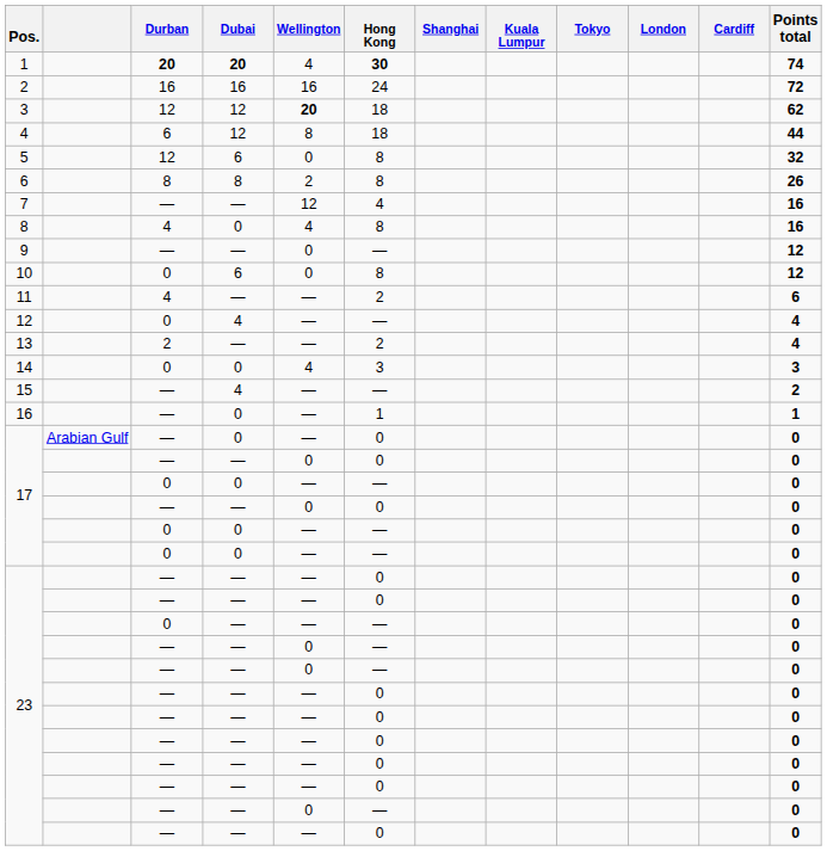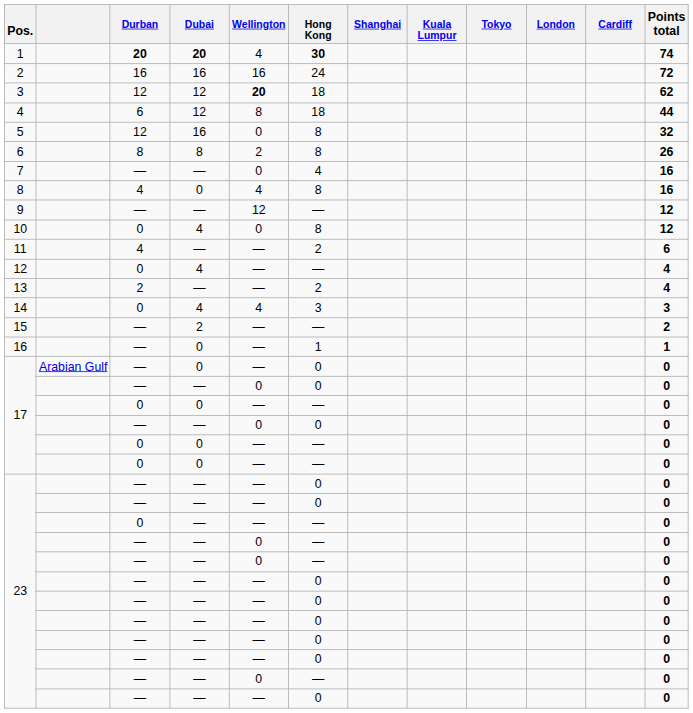 <table class="wikitable" style="text-align:center;">
 <tr>
 <th style="width:2em;"><br>Pos.</th>
 <th></th>
 <th style="width:5.2em; vertical-align:top; font-size:85%;"><br><a href='#'>Durban</a></th>
 <th style="width:5.2em; vertical-align:top; font-size:85%;"><br><a href='#'>Dubai</a></th>
 <th style="width:5.2em; vertical-align:top; font-size:85%;"><br><a href='#'>Wellington</a></th>
 <th style="width:5.2em; vertical-align:top; font-size:85%;"><br>Hong Kong</th>
 <th style="width:5.2em; vertical-align:top; font-size:85%;"><br><a href='#'>Shanghai</a></th>
 <th style="width:5.2em; vertical-align:top; font-size:85%;"><br><a href='#'>Kuala Lumpur</a></th>
 <th style="width:5.2em; vertical-align:top; font-size:85%;"><br><a href='#'>Tokyo</a></th>
 <th style="width:5.2em; vertical-align:top; font-size:85%;"><br><a href='#'>London</a></th>
 <th style="width:5.2em; vertical-align:top; font-size:85%;"><br><a href='#'>Cardiff</a></th>
 <th>Points<br>total</th>
 </tr>
 <tr>
 <td>1</td>
 <td align=left></td>
 <td><strong>20</strong></td>
 <td><strong>20</strong></td>
 <td>4</td>
 <td><strong>30</strong></td>
 <td></td>
 <td></td>
 <td></td>
 <td></td>
 <td></td>
 <td><strong>74</strong></td>
 </tr>
 <tr>
 <td>2</td>
 <td align=left></td>
 <td>16</td>
 <td>16</td>
 <td>16</td>
 <td>24</td>
 <td></td>
 <td></td>
 <td></td>
 <td></td>
 <td></td>
 <td><strong>72</strong></td>
 </tr>
 <tr>
 <td>3</td>
 <td align=left></td>
 <td>12</td>
 <td>12</td>
 <td><strong>20</strong></td>
 <td>18</td>
 <td></td>
 <td></td>
 <td></td>
 <td></td>
 <td></td>
 <td><strong>62</strong></td>
 </tr>
 <tr>
 <td>4</td>
 <td align=left></td>
 <td>6</td>
 <td>12</td>
 <td>8</td>
 <td>18</td>
 <td></td>
 <td></td>
 <td></td>
 <td></td>
 <td></td>
 <td><strong>44</strong></td>
 </tr>
 <tr>
 <td>5</td>
 <td align=left></td>
 <td>12</td>
-<td>6</td>
+<td>16</td>
 <td>0</td>
 <td>8</td>
 <td></td>
 <td></td>
 <td></td>
 <td></td>
 <td></td>
 <td><strong>32</strong></td>
 </tr>
 <tr>
 <td>6</td>
 <td align=left></td>
 <td>8</td>
 <td>8</td>
 <td>2</td>
 <td>8</td>
 <td></td>
 <td></td>
 <td></td>
 <td></td>
 <td></td>
 <td><strong>26</strong></td>
 </tr>
 <tr>
 <td>7</td>
 <td align=left></td>
 <td>—</td>
 <td>—</td>
-<td>12</td>
+<td>0</td>
 <td>4</td>
 <td></td>
 <td></td>
 <td></td>
 <td></td>
 <td></td>
 <td><strong>16</strong></td>
 </tr>
 <tr>
 <td>8</td>
 <td align=left></td>
 <td>4</td>
 <td>0</td>
 <td>4</td>
 <td>8</td>
 <td></td>
 <td></td>
 <td></td>
 <td></td>
 <td></td>
 <td><strong>16</strong></td>
 </tr>
 <tr>
 <td>9</td>
 <td align=left></td>
 <td>—</td>
 <td>—</td>
-<td>0</td>
+<td>12</td>
 <td>—</td>
 <td></td>
 <td></td>
 <td></td>
 <td></td>
 <td></td>
 <td><strong>12</strong></td>
 </tr>
 <tr>
 <td>10</td>
 <td align=left></td>
 <td>0</td>
-<td>6</td>
+<td>4</td>
 <td>0</td>
 <td>8</td>
 <td></td>
 <td></td>
 <td></td>
 <td></td>
 <td></td>
 <td><strong>12</strong></td>
 </tr>
 <tr>
 <td>11</td>
 <td align=left></td>
 <td>4</td>
 <td>—</td>
 <td>—</td>
 <td>2</td>
 <td></td>
 <td></td>
 <td></td>
 <td></td>
 <td></td>
 <td><strong>6</strong></td>
 </tr>
 <tr>
 <td>12</td>
 <td align=left></td>
 <td>0</td>
 <td>4</td>
 <td>—</td>
 <td>—</td>
 <td></td>
 <td></td>
 <td></td>
 <td></td>
 <td></td>
 <td><strong>4</strong></td>
 </tr>
 <tr>
 <td>13</td>
 <td align=left></td>
 <td>2</td>
 <td>—</td>
 <td>—</td>
 <td>2</td>
 <td></td>
 <td></td>
 <td></td>
 <td></td>
 <td></td>
 <td><strong>4</strong></td>
 </tr>
 <tr>
 <td>14</td>
 <td align=left></td>
 <td>0</td>
-<td>0</td>
+<td>4</td>
 <td>4</td>
 <td>3</td>
 <td></td>
 <td></td>
 <td></td>
 <td></td>
 <td></td>
 <td><strong>3</strong></td>
 </tr>
 <tr>
 <td>15</td>
 <td align=left></td>
 <td>—</td>
-<td>4</td>
+<td>2</td>
 <td>—</td>
 <td>—</td>
 <td></td>
 <td></td>
 <td></td>
 <td></td>
 <td></td>
 <td><strong>2</strong></td>
 </tr>
 <tr>
 <td>16</td>
 <td align=left></td>
 <td>—</td>
 <td>0</td>
 <td>—</td>
 <td>1</td>
 <td></td>
 <td></td>
 <td></td>
 <td></td>
 <td></td>
 <td><strong>1</strong></td>
 </tr>
 <tr>
 <td rowspan=6>17</td>
 <td align=left> <a href='#'>Arabian Gulf</a></td>
 <td>—</td>
 <td>0</td>
 <td>—</td>
 <td>0</td>
 <td></td>
 <td></td>
 <td></td>
 <td></td>
 <td></td>
 <td><strong>0</strong></td>
 </tr>
 <tr>
 <td align=left></td>
 <td>—</td>
 <td>—</td>
 <td>0</td>
 <td>0</td>
 <td></td>
 <td></td>
 <td></td>
 <td></td>
 <td></td>
 <td><strong>0</strong></td>
 </tr>
 <tr>
 <td align=left></td>
 <td>0</td>
 <td>0</td>
 <td>—</td>
 <td>—</td>
 <td></td>
 <td></td>
 <td></td>
 <td></td>
 <td></td>
 <td><strong>0</strong></td>
 </tr>
 <tr>
 <td align=left></td>
 <td>—</td>
 <td>—</td>
 <td>0</td>
 <td>0</td>
 <td></td>
 <td></td>
 <td></td>
 <td></td>
 <td></td>
 <td><strong>0</strong></td>
 </tr>
 <tr>
 <td align=left></td>
 <td>0</td>
 <td>0</td>
 <td>—</td>
 <td>—</td>
 <td></td>
 <td></td>
 <td></td>
 <td></td>
 <td></td>
 <td><strong>0</strong></td>
 </tr>
 <tr>
 <td align=left></td>
 <td>0</td>
 <td>0</td>
 <td>—</td>
 <td>—</td>
 <td></td>
 <td></td>
 <td></td>
 <td></td>
 <td></td>
 <td><strong>0</strong></td>
 </tr>
 <tr>
 <td rowspan=12>23</td>
 <td align=left></td>
 <td>—</td>
 <td>—</td>
 <td>—</td>
 <td>0</td>
 <td></td>
 <td></td>
 <td></td>
 <td></td>
 <td></td>
 <td><strong>0</strong></td>
 </tr>
 <tr>
 <td align=left></td>
 <td>—</td>
 <td>—</td>
 <td>—</td>
 <td>0</td>
 <td></td>
 <td></td>
 <td></td>
 <td></td>
 <td></td>
 <td><strong>0</strong></td>
 </tr>
 <tr>
 <td align=left></td>
 <td>0</td>
 <td>—</td>
 <td>—</td>
 <td>—</td>
 <td></td>
 <td></td>
 <td></td>
 <td></td>
 <td></td>
 <td><strong>0</strong></td>
 </tr>
 <tr>
 <td align=left></td>
 <td>—</td>
 <td>—</td>
 <td>0</td>
 <td>—</td>
 <td></td>
 <td></td>
 <td></td>
 <td></td>
 <td></td>
 <td><strong>0</strong></td>
 </tr>
 <tr>
 <td align=left></td>
 <td>—</td>
 <td>—</td>
 <td>0</td>
 <td>—</td>
 <td></td>
 <td></td>
 <td></td>
 <td></td>
 <td></td>
 <td><strong>0</strong></td>
 </tr>
 <tr>
 <td align=left></td>
 <td>—</td>
 <td>—</td>
 <td>—</td>
 <td>0</td>
 <td></td>
 <td></td>
 <td></td>
 <td></td>
 <td></td>
 <td><strong>0</strong></td>
 </tr>
 <tr>
 <td align=left></td>
 <td>—</td>
 <td>—</td>
 <td>—</td>
 <td>0</td>
 <td></td>
 <td></td>
 <td></td>
 <td></td>
 <td></td>
 <td><strong>0</strong></td>
 </tr>
 <tr>
 <td align=left></td>
 <td>—</td>
 <td>—</td>
 <td>—</td>
 <td>0</td>
 <td></td>
 <td></td>
 <td></td>
 <td></td>
 <td></td>
 <td><strong>0</strong></td>
 </tr>
 <tr>
 <td align=left></td>
 <td>—</td>
 <td>—</td>
 <td>—</td>
 <td>0</td>
 <td></td>
 <td></td>
 <td></td>
 <td></td>
 <td></td>
 <td><strong>0</strong></td>
 </tr>
 <tr>
 <td align=left></td>
 <td>—</td>
 <td>—</td>
 <td>—</td>
 <td>0</td>
 <td></td>
 <td></td>
 <td></td>
 <td></td>
 <td></td>
 <td><strong>0</strong></td>
 </tr>
 <tr>
 <td align=left></td>
 <td>—</td>
 <td>—</td>
 <td>0</td>
 <td>—</td>
 <td></td>
 <td></td>
 <td></td>
 <td></td>
 <td></td>
 <td><strong>0</strong></td>
 </tr>
 <tr>
 <td align=left></td>
 <td>—</td>
 <td>—</td>
 <td>—</td>
 <td>0</td>
 <td></td>
 <td></td>
 <td></td>
 <td></td>
 <td></td>
 <td><strong>0</strong></td>
 </tr>
 </table>
